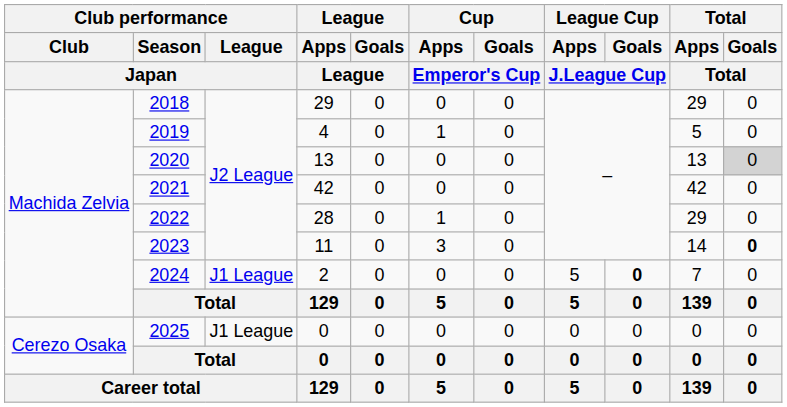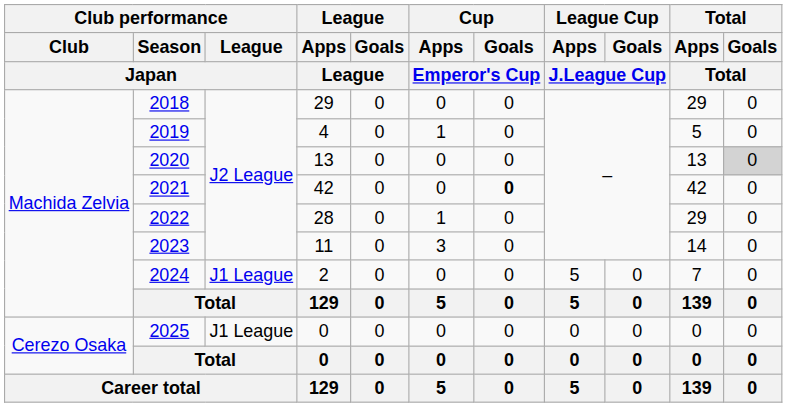 <table class="wikitable" style="text-align:center;">
 <tr>
 <th colspan=3>Club performance</th>
 <th colspan=2>League</th>
 <th colspan=2>Cup</th>
 <th colspan=2>League Cup</th>
 <th colspan=2>Total</th>
 </tr>
 <tr>
 <th>Club</th>
 <th>Season</th>
 <th>League</th>
 <th>Apps</th>
 <th>Goals</th>
 <th>Apps</th>
 <th>Goals</th>
 <th>Apps</th>
 <th>Goals</th>
 <th>Apps</th>
 <th>Goals</th>
 </tr>
 <tr>
 <th colspan=3>Japan</th>
 <th colspan=2>League</th>
 <th colspan=2><a href='#'>Emperor's Cup</a></th>
 <th colspan=2><a href='#'>J.League Cup</a></th>
 <th colspan=2>Total</th>
 </tr>
 <tr>
 <td rowspan="8"><a href='#'>Machida Zelvia</a></td>
 <td><a href='#'>2018</a></td>
 <td rowspan="6"><a href='#'>J2 League</a></td>
 <td>29</td>
 <td>0</td>
 <td>0</td>
 <td>0</td>
 <td rowspan="6" colspan="2">–</td>
 <td>29</td>
 <td>0</td>
 </tr>
 <tr>
 <td><a href='#'>2019</a></td>
 <td>4</td>
 <td>0</td>
 <td>1</td>
 <td>0</td>
 <td>5</td>
 <td>0</td>
 </tr>
 <tr>
 <td><a href='#'>2020</a></td>
 <td>13</td>
 <td>0</td>
 <td>0</td>
 <td>0</td>
 <td>13</td>
 <td style="background: lightgrey;">0</td>
 </tr>
 <tr>
 <td><a href='#'>2021</a></td>
 <td>42</td>
 <td>0</td>
 <td>0</td>
-<td>0</td>
+<td><strong>0</strong></td>
 <td>42</td>
 <td>0</td>
 </tr>
 <tr>
 <td><a href='#'>2022</a></td>
 <td>28</td>
 <td>0</td>
 <td>1</td>
 <td>0</td>
 <td>29</td>
 <td>0</td>
 </tr>
 <tr>
 <td><a href='#'>2023</a></td>
 <td>11</td>
 <td>0</td>
 <td>3</td>
 <td>0</td>
 <td>14</td>
-<td><strong>0</strong></td>
+<td>0</td>
 </tr>
 <tr>
 <td><a href='#'>2024</a></td>
 <td><a href='#'>J1 League</a></td>
 <td>2</td>
 <td>0</td>
 <td>0</td>
 <td>0</td>
 <td>5</td>
-<td><strong>0</strong></td>
+<td>0</td>
 <td>7</td>
 <td>0</td>
 </tr>
 <tr>
 <th colspan=2>Total</th>
 <th>129</th>
 <th>0</th>
 <th>5</th>
 <th>0</th>
 <th>5</th>
 <th>0</th>
 <th>139</th>
 <th>0</th>
 </tr>
 <tr>
 <td rowspan="2"><a href='#'>Cerezo Osaka</a></td>
 <td><a href='#'>2025</a></td>
 <td>J1 League</td>
 <td>0</td>
 <td>0</td>
 <td>0</td>
 <td>0</td>
 <td>0</td>
 <td>0</td>
 <td>0</td>
 <td>0</td>
 </tr>
 <tr>
 <th colspan=2>Total</th>
 <th>0</th>
 <th>0</th>
 <th>0</th>
 <th>0</th>
 <th>0</th>
 <th>0</th>
 <th>0</th>
 <th>0</th>
 </tr>
 <tr>
 <th colspan=3>Career total</th>
 <th>129</th>
 <th>0</th>
 <th>5</th>
 <th>0</th>
 <th>5</th>
 <th>0</th>
 <th>139</th>
 <th>0</th>
 </tr>
 </table>
